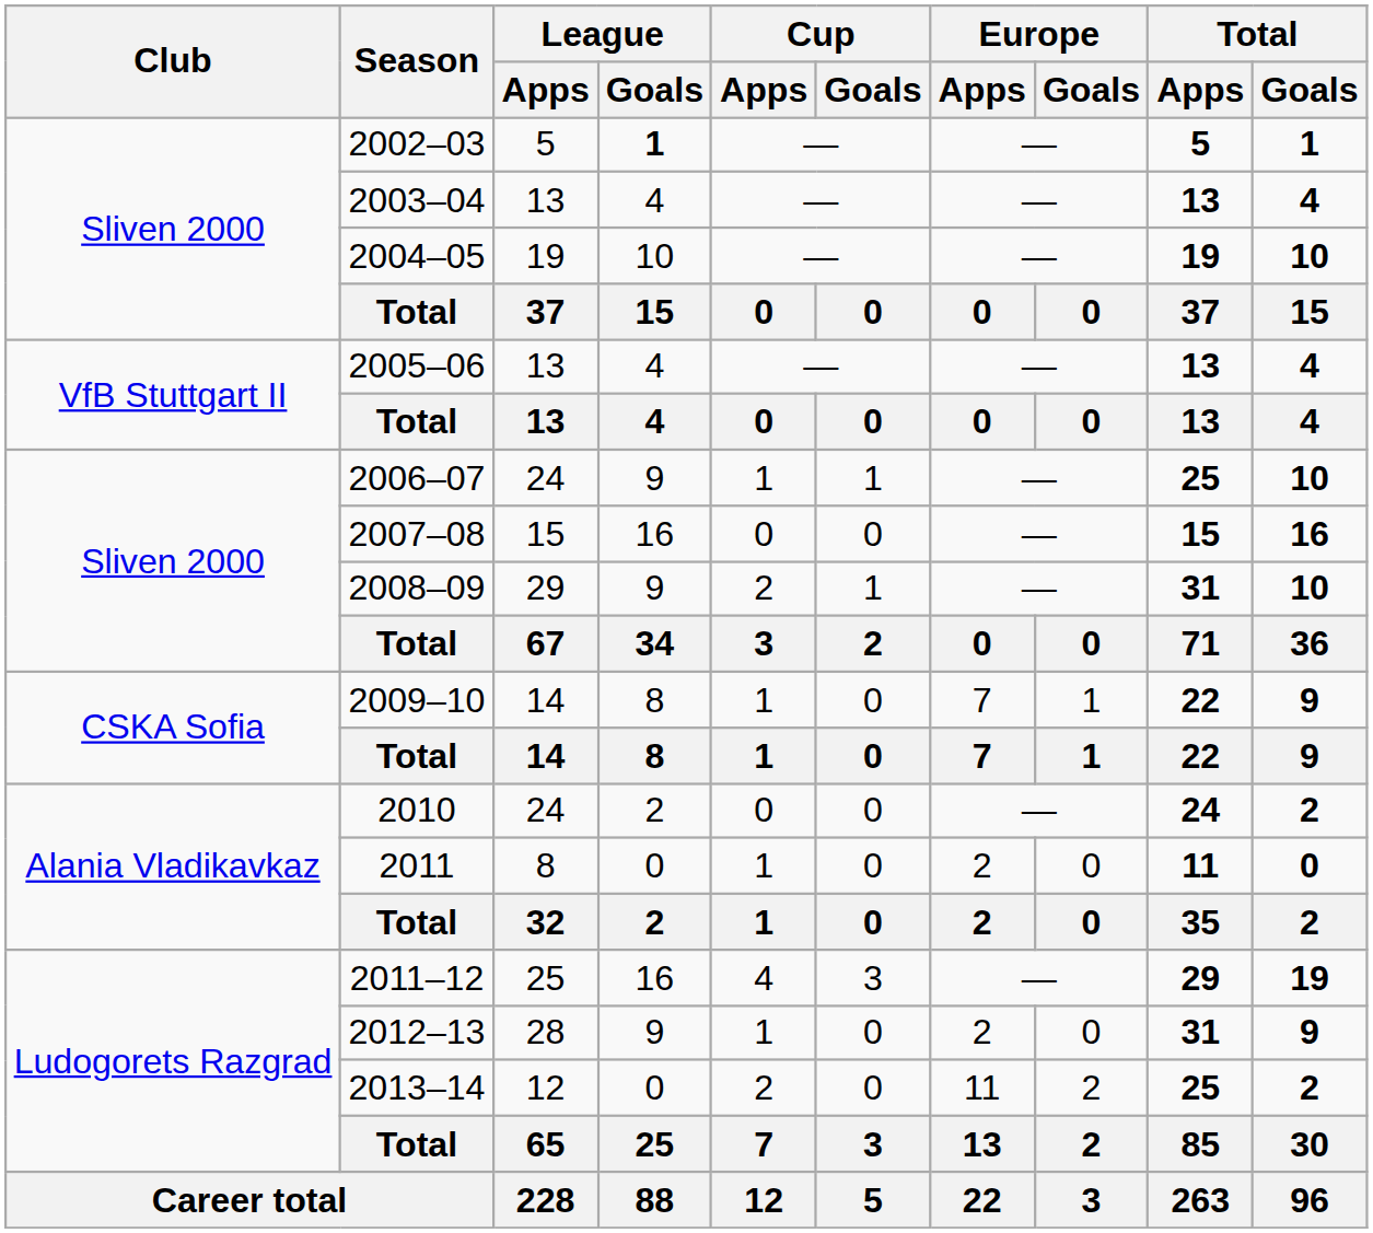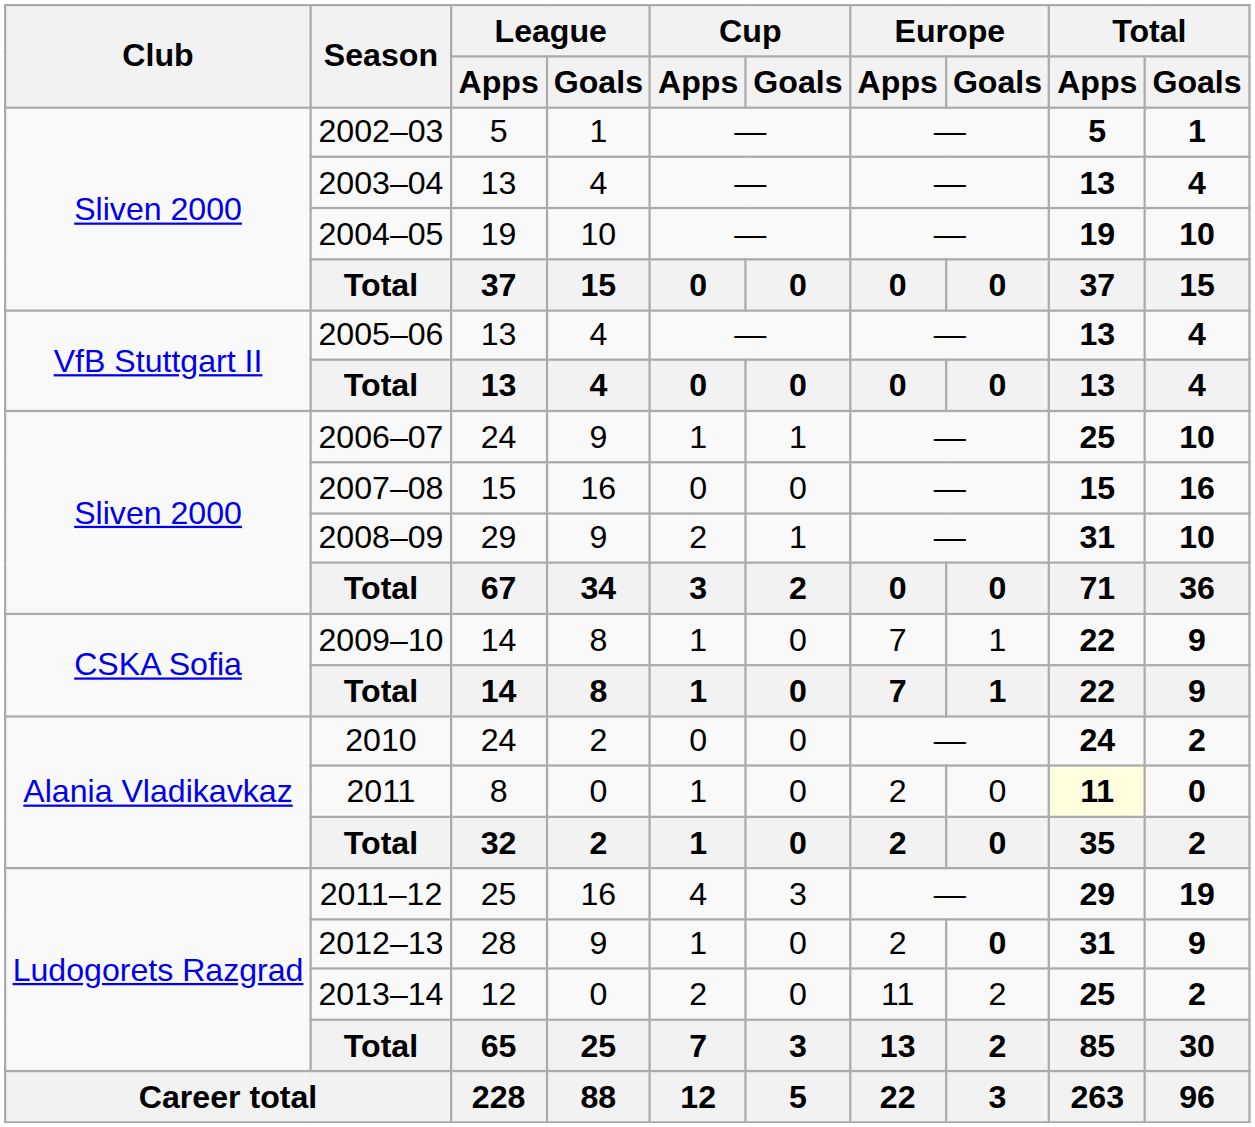 <table class="wikitable" style="font-size:90%; text-align: center">
 <tr>
 <th rowspan=2>Club</th>
 <th rowspan=2>Season</th>
 <th colspan=2>League</th>
 <th colspan=2>Cup</th>
 <th colspan=2>Europe</th>
 <th colspan=2>Total</th>
 </tr>
 <tr>
 <th>Apps</th>
 <th>Goals</th>
 <th>Apps</th>
 <th>Goals</th>
 <th>Apps</th>
 <th>Goals</th>
 <th>Apps</th>
 <th>Goals</th>
 </tr>
 <tr>
 <td rowspan="4"><a href='#'>Sliven 2000</a></td>
 <td>2002–03</td>
 <td>5</td>
-<td><strong>1</strong></td>
+<td>1</td>
 <td colspan="2">—</td>
 <td colspan="2">—</td>
 <td><strong>5</strong></td>
 <td><strong>1</strong></td>
 </tr>
 <tr>
 <td>2003–04</td>
 <td>13</td>
 <td>4</td>
 <td colspan="2">—</td>
 <td colspan="2">—</td>
 <td><strong>13</strong></td>
 <td><strong>4</strong></td>
 </tr>
 <tr>
 <td>2004–05</td>
 <td>19</td>
 <td>10</td>
 <td colspan="2">—</td>
 <td colspan="2">—</td>
 <td><strong>19</strong></td>
 <td><strong>10</strong></td>
 </tr>
 <tr>
 <th colspan=1>Total</th>
 <th>37</th>
 <th>15</th>
 <th>0</th>
 <th>0</th>
 <th>0</th>
 <th>0</th>
 <th>37</th>
 <th>15</th>
 </tr>
 <tr>
 <td rowspan="2"><a href='#'>VfB Stuttgart II</a></td>
 <td>2005–06</td>
 <td>13</td>
 <td>4</td>
 <td colspan="2">—</td>
 <td colspan="2">—</td>
 <td><strong>13</strong></td>
 <td><strong>4</strong></td>
 </tr>
 <tr>
 <th colspan=1>Total</th>
 <th>13</th>
 <th>4</th>
 <th>0</th>
 <th>0</th>
 <th>0</th>
 <th>0</th>
 <th>13</th>
 <th>4</th>
 </tr>
 <tr>
 <td rowspan="4"><a href='#'>Sliven 2000</a></td>
 <td>2006–07</td>
 <td>24</td>
 <td>9</td>
 <td>1</td>
 <td>1</td>
 <td colspan="2">—</td>
 <td><strong>25</strong></td>
 <td><strong>10</strong></td>
 </tr>
 <tr>
 <td>2007–08</td>
 <td>15</td>
 <td>16</td>
 <td>0</td>
 <td>0</td>
 <td colspan="2">—</td>
 <td><strong>15</strong></td>
 <td><strong>16</strong></td>
 </tr>
 <tr>
 <td>2008–09</td>
 <td>29</td>
 <td>9</td>
 <td>2</td>
 <td>1</td>
 <td colspan="2">—</td>
 <td><strong>31</strong></td>
 <td><strong>10</strong></td>
 </tr>
 <tr>
 <th colspan=1>Total</th>
 <th>67</th>
 <th>34</th>
 <th>3</th>
 <th>2</th>
 <th>0</th>
 <th>0</th>
 <th>71</th>
 <th>36</th>
 </tr>
 <tr>
 <td rowspan="2"><a href='#'>CSKA Sofia</a></td>
 <td>2009–10</td>
 <td>14</td>
 <td>8</td>
 <td>1</td>
 <td>0</td>
 <td>7</td>
 <td>1</td>
 <td><strong>22</strong></td>
 <td><strong>9</strong></td>
 </tr>
 <tr>
 <th colspan=1>Total</th>
 <th>14</th>
 <th>8</th>
 <th>1</th>
 <th>0</th>
 <th>7</th>
 <th>1</th>
 <th>22</th>
 <th>9</th>
 </tr>
 <tr>
 <td rowspan="3"><a href='#'>Alania Vladikavkaz</a></td>
 <td>2010</td>
 <td>24</td>
 <td>2</td>
 <td>0</td>
 <td>0</td>
 <td colspan="2">—</td>
 <td><strong>24</strong></td>
 <td><strong>2</strong></td>
 </tr>
 <tr>
 <td>2011</td>
 <td>8</td>
 <td>0</td>
 <td>1</td>
 <td>0</td>
 <td>2</td>
 <td>0</td>
-<td><strong>11</strong></td>
+<td style="background: lightyellow;"><strong>11</strong></td>
 <td><strong>0</strong></td>
 </tr>
 <tr>
 <th colspan=1>Total</th>
 <th>32</th>
 <th>2</th>
 <th>1</th>
 <th>0</th>
 <th>2</th>
 <th>0</th>
 <th>35</th>
 <th>2</th>
 </tr>
 <tr>
 <td rowspan="4"><a href='#'>Ludogorets Razgrad</a></td>
 <td>2011–12</td>
 <td>25</td>
 <td>16</td>
 <td>4</td>
 <td>3</td>
 <td colspan="2">—</td>
 <td><strong>29</strong></td>
 <td><strong>19</strong></td>
 </tr>
 <tr>
 <td>2012–13</td>
 <td>28</td>
 <td>9</td>
 <td>1</td>
 <td>0</td>
 <td>2</td>
-<td>0</td>
+<td><strong>0</strong></td>
 <td><strong>31</strong></td>
 <td><strong>9</strong></td>
 </tr>
 <tr>
 <td>2013–14</td>
 <td>12</td>
 <td>0</td>
 <td>2</td>
 <td>0</td>
 <td>11</td>
 <td>2</td>
 <td><strong>25</strong></td>
 <td><strong>2</strong></td>
 </tr>
 <tr>
 <th colspan=1>Total</th>
 <th>65</th>
 <th>25</th>
 <th>7</th>
 <th>3</th>
 <th>13</th>
 <th>2</th>
 <th>85</th>
 <th>30</th>
 </tr>
 <tr>
 <th colspan=2>Career total</th>
 <th>228</th>
 <th>88</th>
 <th>12</th>
 <th>5</th>
 <th>22</th>
 <th>3</th>
 <th>263</th>
 <th>96</th>
 </tr>
 </table>
